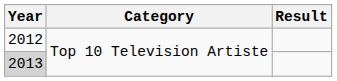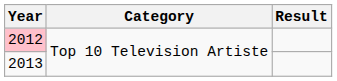 <table class="wikitable sortable">
 <tr>
 <th>Year</th>
 <th>Category</th>
 <th>Result</th>
 </tr>
 <tr>
-<td>2012</td>
+<td style="background: pink;">2012</td>
 <td rowspan=2>Top 10 Television Artiste</td>
 <td></td>
 </tr>
 <tr>
-<td style="background: lightgrey;">2013</td>
+<td>2013</td>
 <td></td>
 </tr>
 </table>
